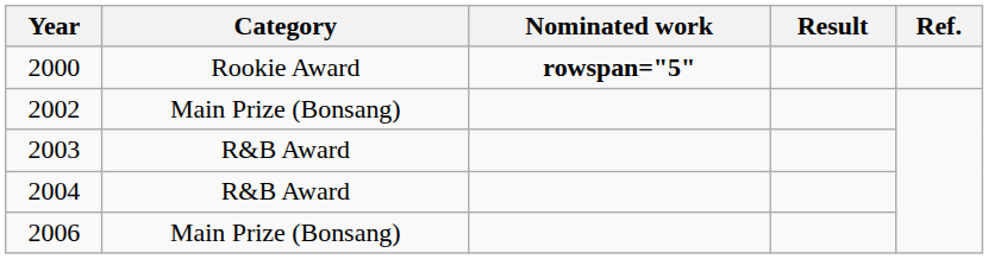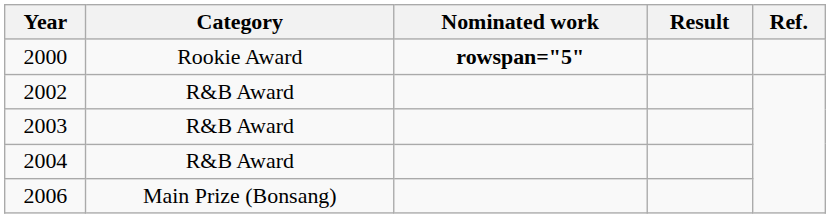 <table class="wikitable" style="text-align: center; width: 600px;">
 <tr>
 <th>Year</th>
 <th>Category</th>
 <th>Nominated work</th>
 <th>Result</th>
 <th>Ref.</th>
 </tr>
 <tr>
 <td>2000</td>
 <td>Rookie Award</td>
 <td><strong>rowspan="5" </strong></td>
 <td></td>
 <td></td>
 </tr>
 <tr>
 <td>2002</td>
-<td>Main Prize (Bonsang)</td>
+<td>R&B Award</td>
 <td></td>
 <td></td>
 </tr>
 <tr>
 <td>2003</td>
 <td>R&B Award</td>
 <td></td>
 <td></td>
 </tr>
 <tr>
 <td>2004</td>
 <td>R&B Award</td>
 <td></td>
 <td></td>
 </tr>
 <tr>
 <td>2006</td>
 <td>Main Prize (Bonsang)</td>
 <td></td>
 <td></td>
 </tr>
 </table>
